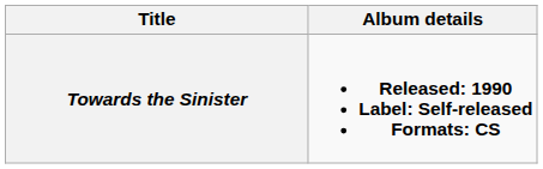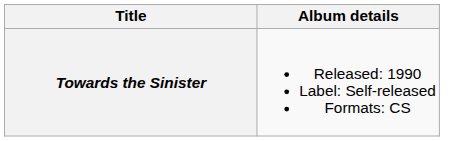 <table class="wikitable plainrowheaders" style="text-align:center;">
 <tr>
 <th scope="col" style="width:16em;">Title</th>
 <th scope="col">Album details</th>
 </tr>
 <tr>
 <th scope="row"><em>Towards the Sinister</em></th>
-<td><strong><br><ul><li>Released: 1990</li><li>Label: Self-released</li><li>Formats: CS</li></ul></strong></td>
+<td><br><ul><li>Released: 1990</li><li>Label: Self-released</li><li>Formats: CS</li></ul></td>
 </tr>
 </table>
